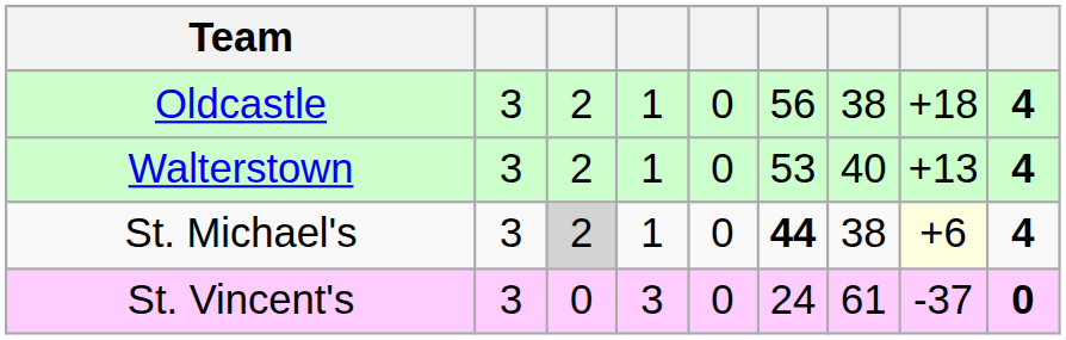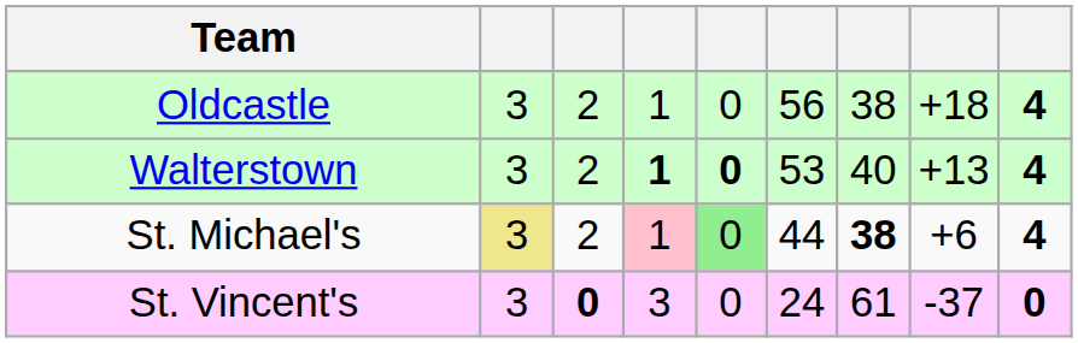 <table class="wikitable" style="text-align:center">
 <tr>
 <th style="width:175px;">Team</th>
 <th width="20"></th>
 <th width="20"></th>
 <th width="20"></th>
 <th width="20"></th>
 <th width="20"></th>
 <th width="20"></th>
 <th width="20"></th>
 <th width="20"></th>
 </tr>
 <tr style="background:#cfc;">
 <td><a href='#'>Oldcastle</a></td>
 <td>3</td>
 <td>2</td>
 <td>1</td>
 <td>0</td>
 <td>56</td>
 <td>38</td>
 <td>+18</td>
 <td><strong>4</strong></td>
 </tr>
 <tr style="background:#cfc;">
 <td><a href='#'>Walterstown</a></td>
 <td>3</td>
 <td>2</td>
-<td>1</td>
-<td>0</td>
+<td><strong>1</strong></td>
+<td><strong>0</strong></td>
 <td>53</td>
 <td>40</td>
 <td>+13</td>
 <td><strong>4</strong></td>
 </tr>
 <tr>
 <td>St. Michael's</td>
-<td>3</td>
-<td style="background: lightgrey;">2</td>
-<td>1</td>
-<td>0</td>
-<td><strong>44</strong></td>
-<td>38</td>
-<td style="background: lightyellow;">+6</td>
+<td style="background: khaki;">3</td>
+<td>2</td>
+<td style="background: pink;">1</td>
+<td style="background: lightgreen;">0</td>
+<td>44</td>
+<td><strong>38</strong></td>
+<td>+6</td>
 <td><strong>4</strong></td>
 </tr>
 <tr style="background:#fcf;">
 <td>St. Vincent's</td>
 <td>3</td>
-<td>0</td>
+<td><strong>0</strong></td>
 <td>3</td>
 <td>0</td>
 <td>24</td>
 <td>61</td>
 <td>-37</td>
 <td><strong>0</strong></td>
 </tr>
 </table>
